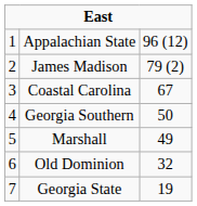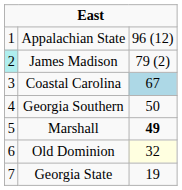 <table class="wikitable" style="display: inline-table;">
 <tr align="center">
 <td align="center" Colspan="3"><strong>East</strong><br></td>
 </tr>
 <tr align="center">
 <td>1</td>
 <td>Appalachian State</td>
 <td>96 (12)</td>
 </tr>
 <tr align="center">
-<td>2</td>
+<td style="background: paleturquoise;">2</td>
 <td>James Madison</td>
 <td>79 (2)</td>
 </tr>
 <tr align="center">
 <td>3</td>
 <td>Coastal Carolina</td>
-<td>67</td>
+<td style="background: lightblue;">67</td>
 </tr>
 <tr align="center">
 <td>4</td>
 <td>Georgia Southern</td>
 <td>50</td>
 </tr>
 <tr align="center">
 <td>5</td>
 <td>Marshall</td>
-<td>49</td>
+<td><strong>49</strong></td>
 </tr>
 <tr align="center">
 <td>6</td>
 <td>Old Dominion</td>
-<td>32</td>
+<td style="background: lightyellow;">32</td>
 </tr>
 <tr align="center">
 <td>7</td>
 <td>Georgia State</td>
 <td>19</td>
 </tr>
 </table>
